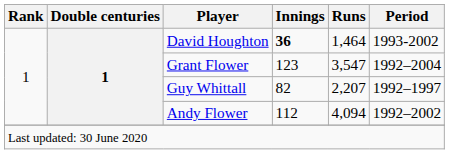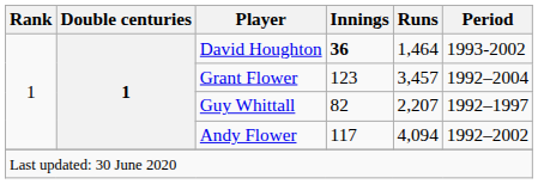 <table class="wikitable plainrowheaders sortable" style=align:center;>
 <tr>
 <th scope=col>Rank</th>
 <th scope=col>Double centuries</th>
 <th scope=col>Player</th>
 <th scope=col>Innings</th>
 <th scope=col>Runs</th>
 <th scope=col>Period</th>
 </tr>
 <tr>
 <td align=center  rowspan=4>1</td>
 <th rowspan=4>1</th>
 <td><a href='#'>David Houghton</a></td>
 <td><strong>36</strong></td>
 <td>1,464</td>
 <td>1993-2002</td>
 </tr>
 <tr>
 <td><a href='#'>Grant Flower</a></td>
 <td>123</td>
-<td>3,547</td>
+<td>3,457</td>
 <td>1992–2004</td>
 </tr>
 <tr>
 <td><a href='#'>Guy Whittall</a></td>
 <td>82</td>
 <td>2,207</td>
 <td>1992–1997</td>
 </tr>
 <tr>
 <td><a href='#'>Andy Flower</a></td>
-<td>112</td>
+<td>117</td>
 <td>4,094</td>
 <td>1992–2002</td>
 </tr>
 <tr>
 </tr>
 <tr class=sortbottom>
 <td colspan=6><small>Last updated: 30 June 2020</small></td>
 </tr>
 </table>
